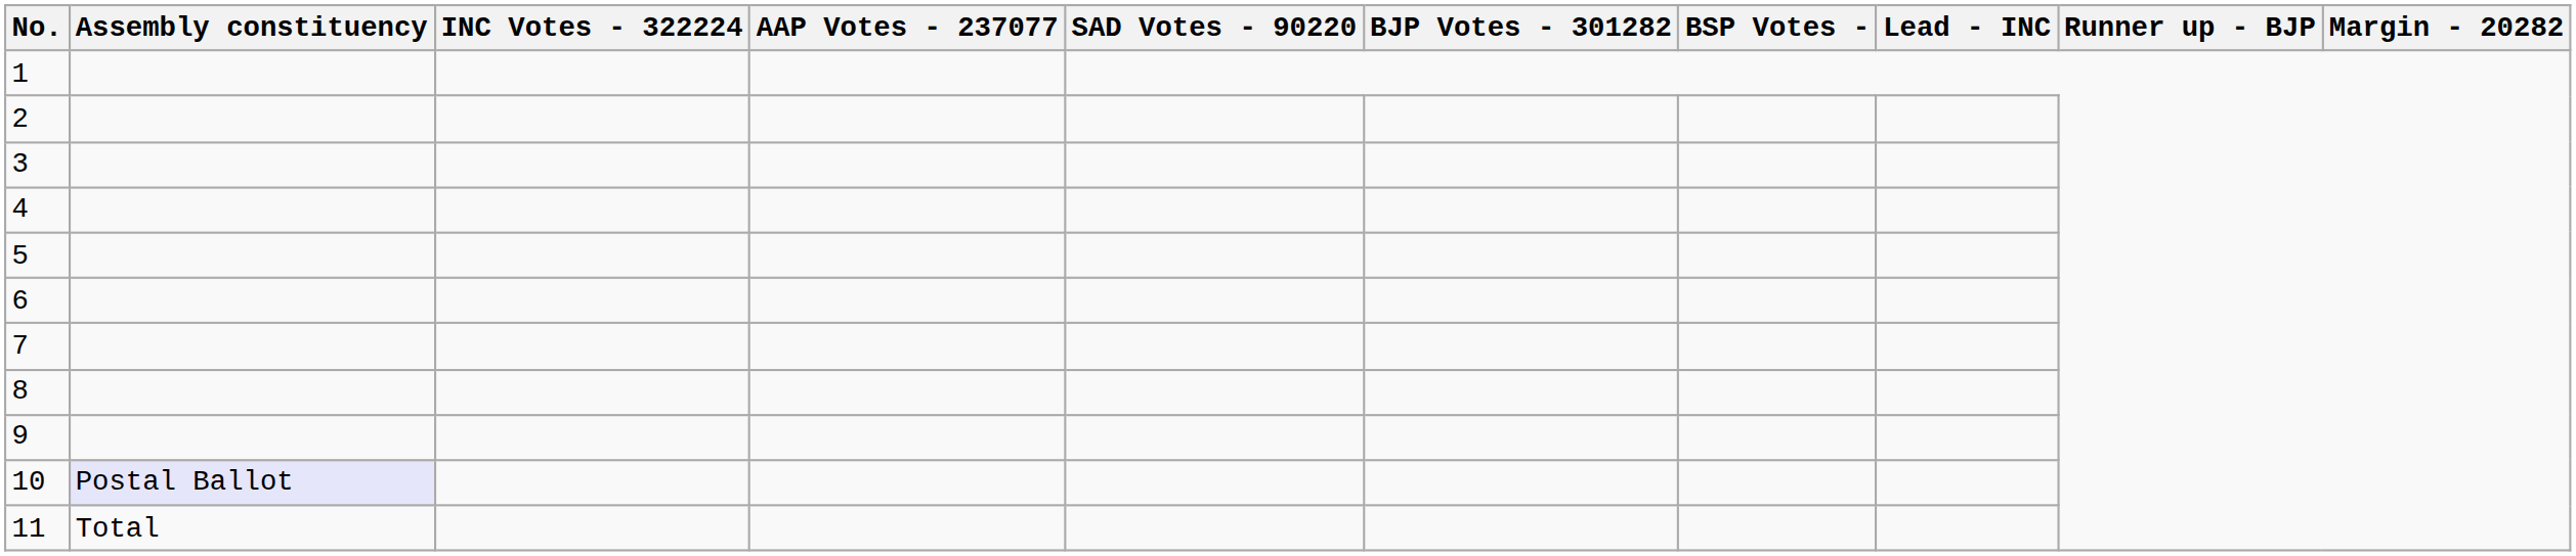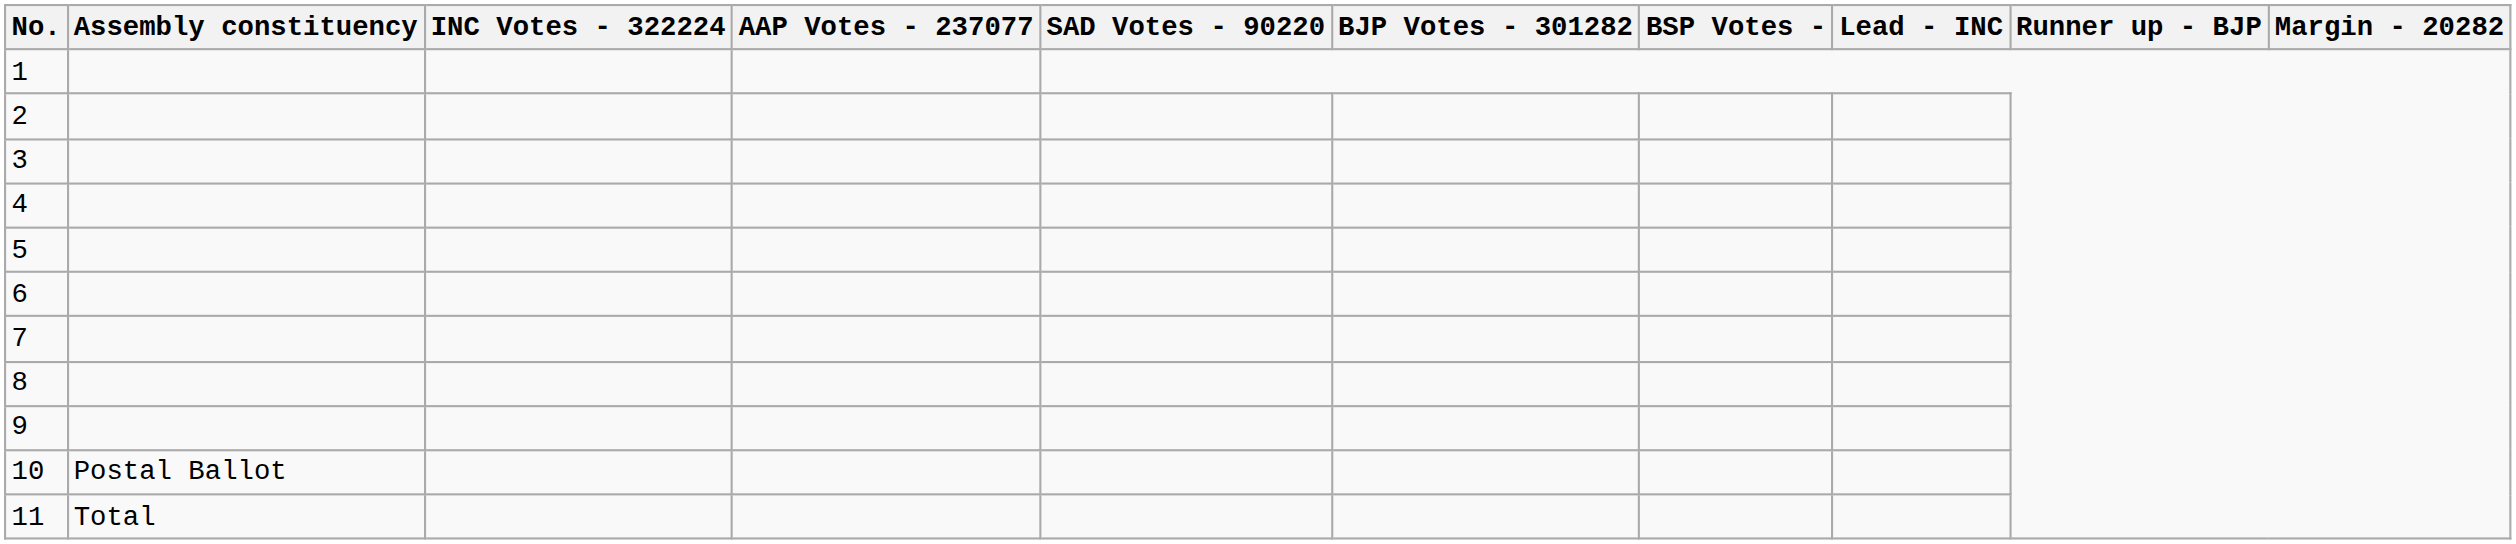 <table class="wikitable sortable">
 <tr>
 <th>No.</th>
 <th>Assembly constituency</th>
 <th>INC Votes - 322224</th>
 <th>AAP Votes - 237077</th>
 <th>SAD Votes - 90220</th>
 <th>BJP Votes - 301282</th>
 <th>BSP Votes -</th>
 <th>Lead - INC</th>
 <th>Runner up - BJP</th>
 <th>Margin - 20282</th>
 </tr>
 <tr>
 <td>1</td>
 <td></td>
 <td></td>
 <td></td>
 </tr>
 <tr>
 <td>2</td>
 <td></td>
 <td></td>
 <td></td>
 <td></td>
 <td></td>
 <td></td>
 <td></td>
 </tr>
 <tr>
 <td>3</td>
 <td></td>
 <td></td>
 <td></td>
 <td></td>
 <td></td>
 <td></td>
 <td></td>
 </tr>
 <tr>
 <td>4</td>
 <td></td>
 <td></td>
 <td></td>
 <td></td>
 <td></td>
 <td></td>
 <td></td>
 </tr>
 <tr>
 <td>5</td>
 <td></td>
 <td></td>
 <td></td>
 <td></td>
 <td></td>
 <td></td>
 <td></td>
 </tr>
 <tr>
 <td>6</td>
 <td></td>
 <td></td>
 <td></td>
 <td></td>
 <td></td>
 <td></td>
 <td></td>
 </tr>
 <tr>
 <td>7</td>
 <td></td>
 <td></td>
 <td></td>
 <td></td>
 <td></td>
 <td></td>
 <td></td>
 </tr>
 <tr>
 <td>8</td>
 <td></td>
 <td></td>
 <td></td>
 <td></td>
 <td></td>
 <td></td>
 <td></td>
 </tr>
 <tr>
 <td>9</td>
 <td></td>
 <td></td>
 <td></td>
 <td></td>
 <td></td>
 <td></td>
 <td></td>
 </tr>
 <tr>
 <td>10</td>
-<td style="background: lavender;">Postal Ballot</td>
+<td>Postal Ballot</td>
 <td></td>
 <td></td>
 <td></td>
 <td></td>
 <td></td>
 <td></td>
 </tr>
 <tr>
 <td>11</td>
 <td>Total</td>
 <td></td>
 <td></td>
 <td></td>
 <td></td>
 <td></td>
 <td></td>
 </tr>
 </table>
